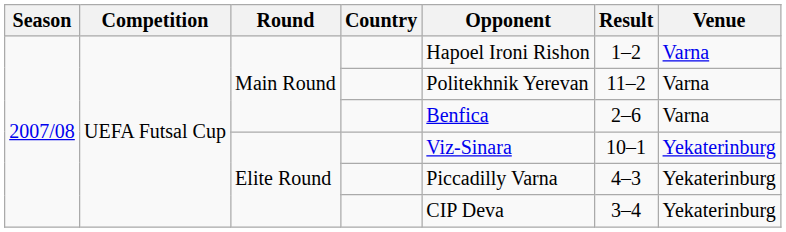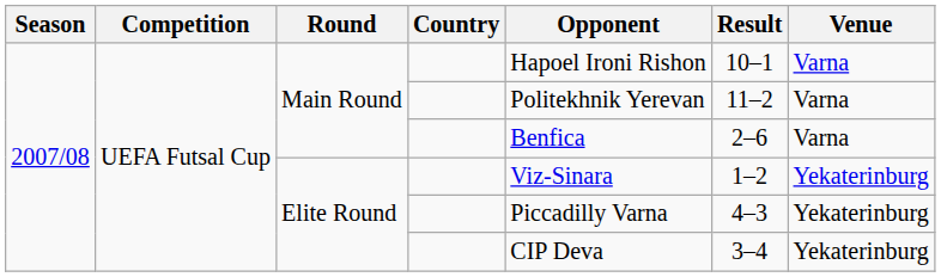 <table class="wikitable">
 <tr>
 <th>Season</th>
 <th>Competition</th>
 <th>Round</th>
 <th>Country</th>
 <th>Opponent</th>
 <th>Result</th>
 <th>Venue</th>
 </tr>
 <tr>
 <td rowspan=6><a href='#'>2007/08</a></td>
 <td rowspan=6 align=center>UEFA Futsal Cup</td>
 <td rowspan=3>Main Round</td>
 <td align=center></td>
 <td>Hapoel Ironi Rishon</td>
-<td align=center>1–2</td>
+<td align=center>10–1</td>
 <td><a href='#'>Varna</a></td>
 </tr>
 <tr>
 <td align=center></td>
 <td>Politekhnik Yerevan</td>
 <td align=center>11–2</td>
 <td>Varna</td>
 </tr>
 <tr>
 <td align=center></td>
 <td><a href='#'>Benfica</a></td>
 <td align=center>2–6</td>
 <td>Varna</td>
 </tr>
 <tr>
 <td rowspan=3>Elite Round</td>
 <td align=center></td>
 <td><a href='#'>Viz-Sinara</a></td>
-<td align=center>10–1</td>
+<td align=center>1–2</td>
 <td><a href='#'>Yekaterinburg</a></td>
 </tr>
 <tr>
 <td align=center></td>
 <td>Piccadilly Varna</td>
 <td align=center>4–3</td>
 <td>Yekaterinburg</td>
 </tr>
 <tr>
 <td align=center></td>
 <td>CIP Deva</td>
 <td align=center>3–4</td>
 <td>Yekaterinburg</td>
 </tr>
 </table>
